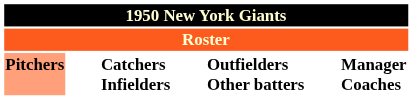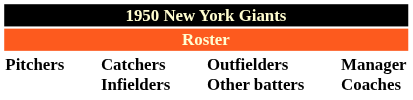 <table class="toccolours" style="font-size: 95%;">
 <tr>
 <th colspan="10" style="background-color: black; color: #FFFDD0; text-align: center;">1950 New York Giants</th>
 </tr>
 <tr>
 <td colspan="10" style="background-color: #fd5a1e; color: #FFFDD0; text-align: center;"><strong>Roster</strong></td>
 </tr>
 <tr>
-<td valign="top" style="background: lightsalmon;"><strong>Pitchers</strong><br>          </td>
+<td valign="top"><strong>Pitchers</strong><br>          </td>
 <td width="25px"></td>
 <td valign="top"><strong>Catchers</strong><br>    <strong>Infielders</strong>           </td>
 <td width="25px"></td>
 <td valign="top"><strong>Outfielders</strong><br>     <strong>Other batters</strong>   </td>
 <td width="25px"></td>
 <td valign="top"><strong>Manager</strong><br> <strong>Coaches</strong>   </td>
 </tr>
 </table>
